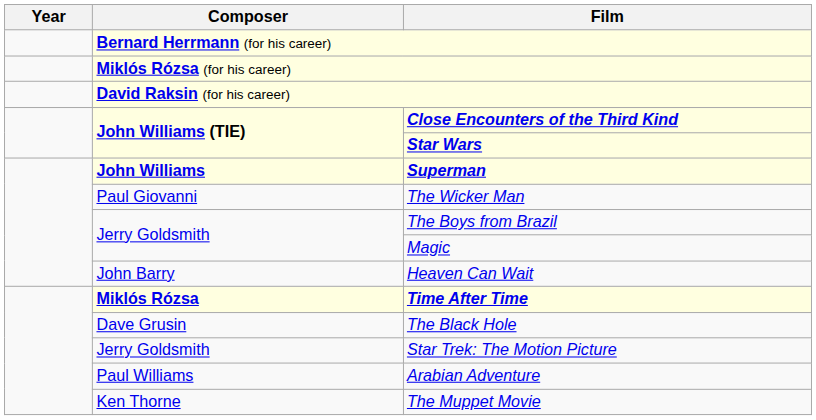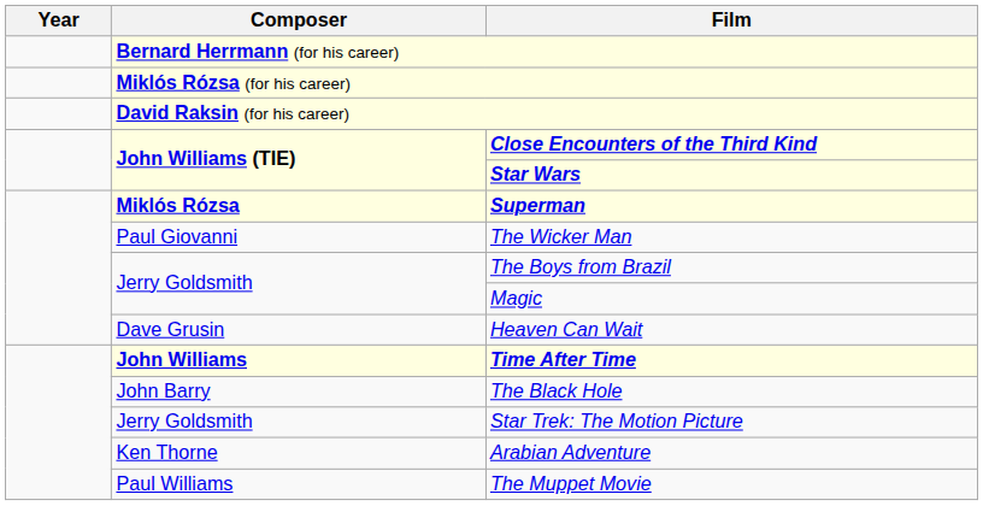 <table class="wikitable" width="800px" border="1" cellpadding="5" cellspacing="0" align="centre">
 <tr>
 <th width="80px">Year</th>
 <th width="300px">Composer</th>
 <th>Film</th>
 </tr>
 <tr>
 <td rowspan=1></td>
 <td colspan=2 style="background:lightyellow"><strong><a href='#'>Bernard Herrmann</a></strong> <small>(for his career)</small></td>
 </tr>
 <tr>
 <td rowspan=1></td>
 <td colspan=2 style="background:lightyellow"><strong><a href='#'>Miklós Rózsa</a></strong> <small>(for his career)</small></td>
 </tr>
 <tr>
 <td rowspan=1></td>
 <td colspan=2 style="background:lightyellow"><strong><a href='#'>David Raksin</a></strong> <small>(for his career)</small></td>
 </tr>
 <tr>
 <td rowspan=2></td>
 <td rowspan=2 style="background:lightyellow"><strong><a href='#'>John Williams</a> (TIE)</strong></td>
 <td style="background:lightyellow"><strong><em><a href='#'>Close Encounters of the Third Kind</a></em></strong></td>
 </tr>
 <tr>
 <td style="background:lightyellow"><strong><em><a href='#'>Star Wars</a></em></strong></td>
 </tr>
 <tr>
 <td rowspan=5></td>
-<td style="background:lightyellow"><strong><a href='#'>John Williams</a></strong></td>
+<td style="background:lightyellow"><strong><a href='#'>Miklós Rózsa</a></strong></td>
 <td style="background:lightyellow"><strong><em><a href='#'>Superman</a></em></strong></td>
 </tr>
 <tr>
 <td><a href='#'>Paul Giovanni</a></td>
 <td><em><a href='#'>The Wicker Man</a></em></td>
 </tr>
 <tr>
 <td rowspan="2"><a href='#'>Jerry Goldsmith</a></td>
 <td><em><a href='#'>The Boys from Brazil</a></em></td>
 </tr>
 <tr>
 <td><em><a href='#'>Magic</a></em></td>
 </tr>
 <tr>
-<td><a href='#'>John Barry</a></td>
+<td><a href='#'>Dave Grusin</a></td>
 <td><em><a href='#'>Heaven Can Wait</a></em></td>
 </tr>
 <tr>
 <td rowspan=5></td>
-<td style="background:lightyellow"><strong><a href='#'>Miklós Rózsa</a></strong></td>
+<td style="background:lightyellow"><strong><a href='#'>John Williams</a></strong></td>
 <td style="background:lightyellow"><strong><em><a href='#'>Time After Time</a></em></strong></td>
 </tr>
 <tr>
-<td><a href='#'>Dave Grusin</a></td>
+<td><a href='#'>John Barry</a></td>
 <td><em><a href='#'>The Black Hole</a></em></td>
 </tr>
 <tr>
 <td><a href='#'>Jerry Goldsmith</a></td>
 <td><em><a href='#'>Star Trek: The Motion Picture</a></em></td>
 </tr>
 <tr>
-<td><a href='#'>Paul Williams</a></td>
+<td><a href='#'>Ken Thorne</a></td>
 <td><em><a href='#'>Arabian Adventure</a></em></td>
 </tr>
 <tr>
-<td><a href='#'>Ken Thorne</a></td>
+<td><a href='#'>Paul Williams</a></td>
 <td><em><a href='#'>The Muppet Movie</a></em></td>
 </tr>
 </table>
